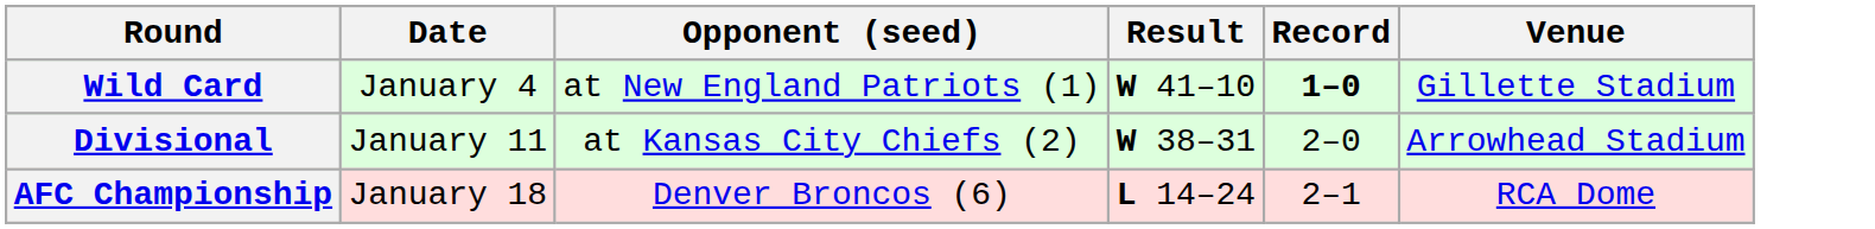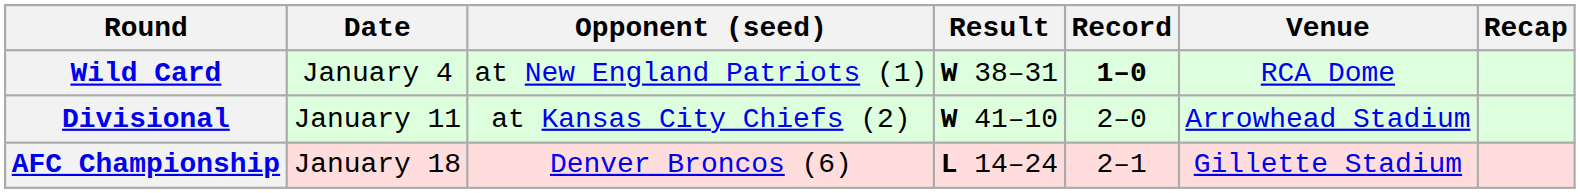 <table class="wikitable" style="text-align:center">
 <tr>
 <th>Round</th>
 <th>Date</th>
 <th>Opponent (seed)</th>
 <th>Result</th>
 <th>Record</th>
 <th>Venue</th>
+<th>Recap</th>
 </tr>
 <tr style="background:#ddffdd">
 <th><a href='#'>Wild Card</a></th>
 <td>January 4</td>
 <td>at <a href='#'>New England Patriots</a> (1)</td>
-<td><strong>W</strong> 41–10</td>
+<td><strong>W</strong> 38–31</td>
 <td><strong>1–0</strong></td>
-<td><a href='#'>Gillette Stadium</a></td>
+<td><a href='#'>RCA Dome</a></td>
+<td></td>
 </tr>
 <tr style="background:#ddffdd">
 <th><a href='#'>Divisional</a></th>
 <td>January 11</td>
 <td>at <a href='#'>Kansas City Chiefs</a> (2)</td>
-<td><strong>W</strong> 38–31</td>
+<td><strong>W</strong> 41–10</td>
 <td>2–0</td>
 <td><a href='#'>Arrowhead Stadium</a></td>
+<td></td>
 </tr>
 <tr style="background: #ffdddd;">
 <th><a href='#'>AFC Championship</a></th>
 <td>January 18</td>
 <td><a href='#'>Denver Broncos</a> (6)</td>
 <td><strong>L</strong> 14–24</td>
 <td>2–1</td>
-<td><a href='#'>RCA Dome</a></td>
+<td><a href='#'>Gillette Stadium</a></td>
+<td></td>
 </tr>
 </table>
